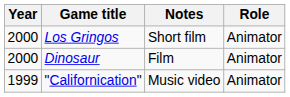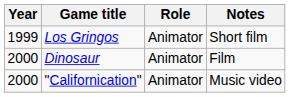 <table class="wikitable sortable" style="border:none; margin:0;">
 <tr valign="bottom">
 <th scope="col">Year</th>
 <th scope="col">Game title</th>
+<th scope="col">Role</th>
 <th scope="col">Notes</th>
-<th scope="col">Role</th>
 </tr>
 <tr>
-<td>2000</td>
+<td>1999</td>
 <td><em><a href='#'>Los Gringos</a></em></td>
+<td>Animator</td>
 <td>Short film</td>
-<td>Animator</td>
 </tr>
 <tr>
 <td>2000</td>
 <td><em><a href='#'>Dinosaur</a></em></td>
+<td>Animator</td>
 <td>Film</td>
-<td>Animator</td>
 </tr>
 <tr>
-<td>1999</td>
+<td>2000</td>
 <td>"<a href='#'>Californication</a>"</td>
+<td>Animator</td>
 <td>Music video</td>
-<td>Animator</td>
 </tr>
 </table>
